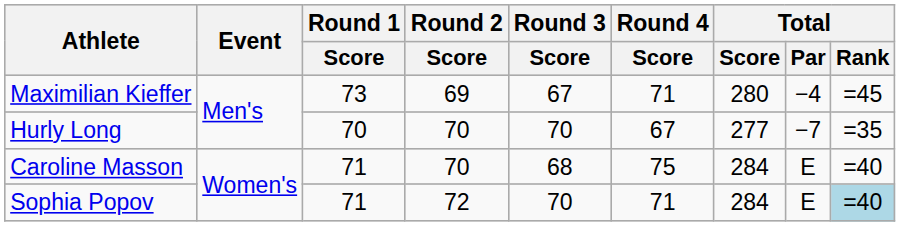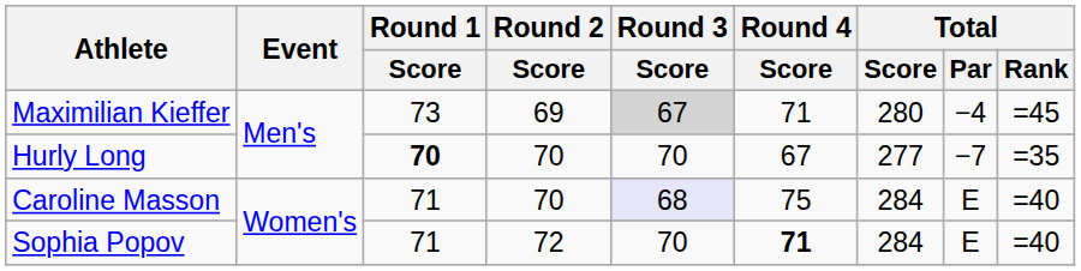 <table class=wikitable style="font-size:90%; text-align:center">
 <tr>
 <th rowspan=2>Athlete</th>
 <th rowspan=2>Event</th>
 <th>Round 1</th>
 <th>Round 2</th>
 <th>Round 3</th>
 <th>Round 4</th>
 <th colspan=3>Total</th>
 </tr>
 <tr style=font-size:95%>
 <th>Score</th>
 <th>Score</th>
 <th>Score</th>
 <th>Score</th>
 <th>Score</th>
 <th>Par</th>
 <th>Rank</th>
 </tr>
 <tr>
 <td align=left><a href='#'>Maximilian Kieffer</a></td>
 <td align=left rowspan=2><a href='#'>Men's</a></td>
 <td>73</td>
 <td>69</td>
-<td>67</td>
+<td style="background: lightgrey;">67</td>
 <td>71</td>
 <td>280</td>
 <td>−4</td>
 <td>=45</td>
 </tr>
 <tr>
 <td align=left><a href='#'>Hurly Long</a></td>
-<td>70</td>
+<td><strong>70</strong></td>
 <td>70</td>
 <td>70</td>
 <td>67</td>
 <td>277</td>
 <td>−7</td>
 <td>=35</td>
 </tr>
 <tr>
 <td align=left><a href='#'>Caroline Masson</a></td>
 <td align=left rowspan=2><a href='#'>Women's</a></td>
 <td>71</td>
 <td>70</td>
-<td>68</td>
+<td style="background: lavender;">68</td>
 <td>75</td>
 <td>284</td>
 <td>E</td>
 <td>=40</td>
 </tr>
 <tr>
 <td align=left><a href='#'>Sophia Popov</a></td>
 <td>71</td>
 <td>72</td>
 <td>70</td>
-<td>71</td>
+<td><strong>71</strong></td>
 <td>284</td>
 <td>E</td>
-<td style="background: lightblue;">=40</td>
+<td>=40</td>
 </tr>
 </table>
